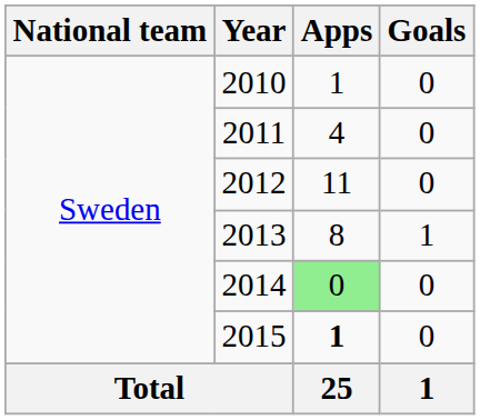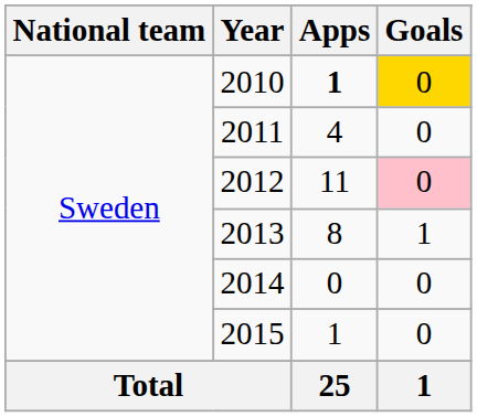 <table class="wikitable" style="text-align:center;">
 <tr>
 <th>National team</th>
 <th>Year</th>
 <th>Apps</th>
 <th>Goals</th>
 </tr>
 <tr>
 <td rowspan="6"><a href='#'>Sweden</a></td>
 <td>2010</td>
-<td>1</td>
-<td>0</td>
+<td><strong>1</strong></td>
+<td style="background: gold;">0</td>
 </tr>
 <tr>
 <td>2011</td>
 <td>4</td>
 <td>0</td>
 </tr>
 <tr>
 <td>2012</td>
 <td>11</td>
-<td>0</td>
+<td style="background: pink;">0</td>
 </tr>
 <tr>
 <td>2013</td>
 <td>8</td>
 <td>1</td>
 </tr>
 <tr>
 <td>2014</td>
-<td style="background: lightgreen;">0</td>
+<td>0</td>
 <td>0</td>
 </tr>
 <tr>
 <td>2015</td>
-<td><strong>1</strong></td>
+<td>1</td>
 <td>0</td>
 </tr>
 <tr>
 <th colspan=2>Total</th>
 <th>25</th>
 <th>1</th>
 </tr>
 </table>
